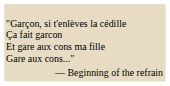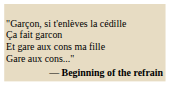 <table class="toccolours" style="float: left; margin-left: 1em; margin-right: 2em; font-size: 85%; background:#e7dcc3; color:black; width:20em; max-width: 25%;" cellspacing="2">
 <tr>
 <td style="text-align: left;"><br>"Garçon, si t'enlèves la cédille<br> Ça fait garcon<br> Et gare aux cons ma fille<br> Gare aux cons..."</td>
 </tr>
 <tr>
-<td style="text-align: right;">— Beginning of the refrain</td>
+<td style="text-align: right;"><strong>— Beginning of the refrain</strong></td>
 </tr>
 </table>
